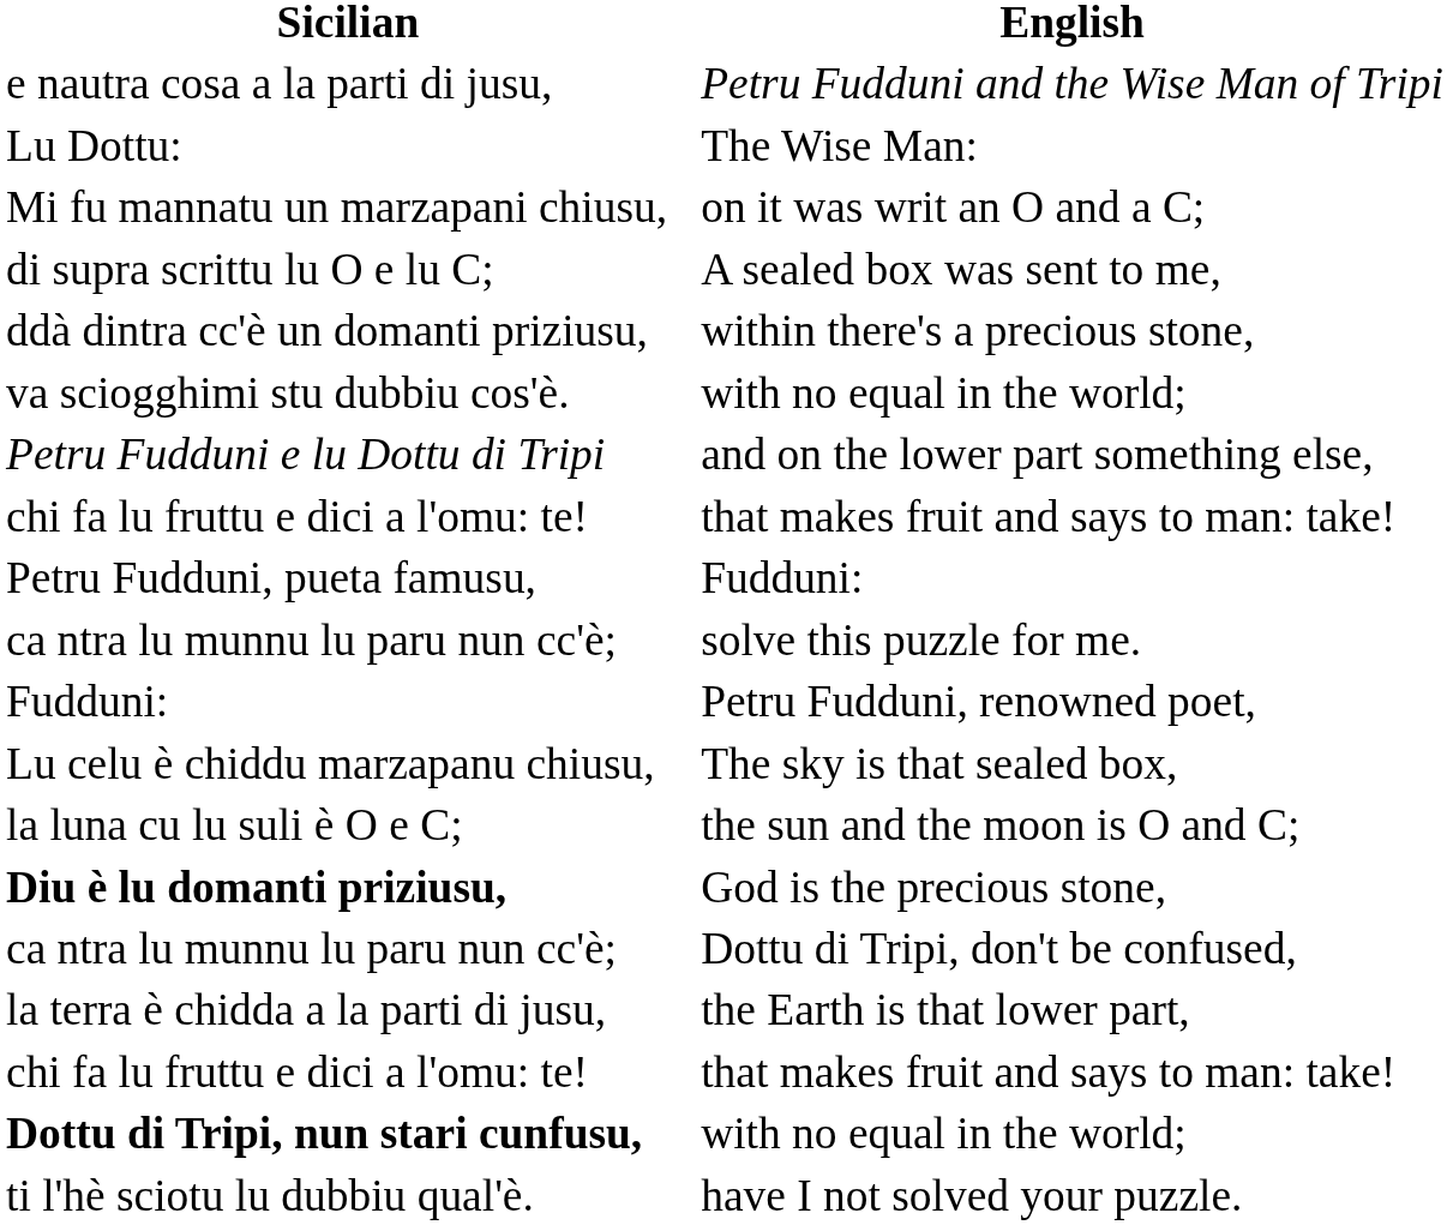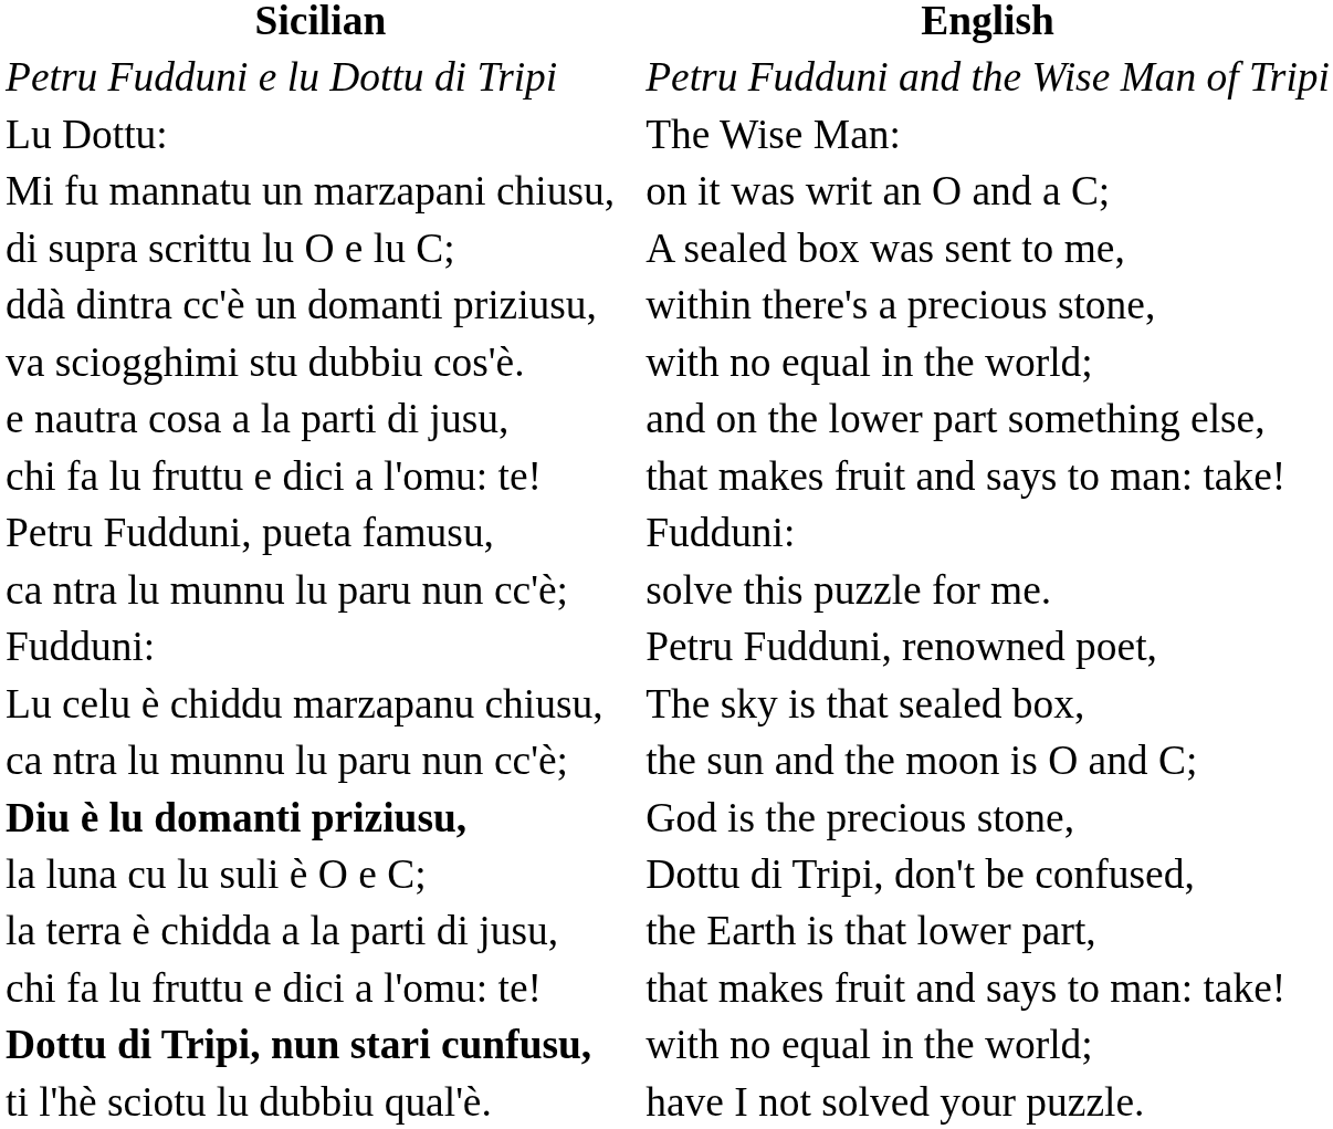 <table>
 <tr>
 <th>Sicilian</th>
 <th>English</th>
 </tr>
 <tr>
-<td>e nautra cosa a la parti di jusu,</td>
+<td><em>Petru Fudduni e lu Dottu di Tripi</em></td>
 <td><em>Petru Fudduni and the Wise Man of Tripi</em></td>
 </tr>
 <tr>
 <td>Lu Dottu:</td>
 <td>The Wise Man:</td>
 </tr>
 <tr>
 <td>Mi fu mannatu un marzapani chiusu,  </td>
 <td>on it was writ an O and a C;</td>
 </tr>
 <tr>
 <td>di supra scrittu lu O e lu C;  </td>
 <td>A sealed box was sent to me,</td>
 </tr>
 <tr>
 <td>ddà dintra cc'è un domanti priziusu,</td>
 <td>within there's a precious stone,</td>
 </tr>
 <tr>
 <td>va sciogghimi stu dubbiu cos'è.</td>
 <td>with no equal in the world;</td>
 </tr>
 <tr>
-<td><em>Petru Fudduni e lu Dottu di Tripi</em></td>
+<td>e nautra cosa a la parti di jusu,</td>
 <td>and on the lower part something else,</td>
 </tr>
 <tr>
 <td>chi fa lu fruttu e dici a l'omu: te!  </td>
 <td>that makes fruit and says to man: take!</td>
 </tr>
 <tr>
 <td>Petru Fudduni, pueta famusu,</td>
 <td>Fudduni:</td>
 </tr>
 <tr>
 <td>ca ntra lu munnu  lu paru nun cc'è;</td>
 <td>solve this puzzle for me.</td>
 </tr>
 <tr>
 <td>Fudduni:</td>
 <td>Petru Fudduni, renowned poet,</td>
 </tr>
 <tr>
 <td>Lu celu è chiddu marzapanu chiusu,  </td>
 <td>The sky is that sealed box,  </td>
 </tr>
 <tr>
-<td>la luna cu lu suli è O e C;</td>
+<td>ca ntra lu munnu  lu paru nun cc'è;</td>
 <td>the sun and the moon is O and C;</td>
 </tr>
 <tr>
 <td><strong>Diu è lu domanti priziusu,</strong></td>
 <td>God is the precious stone,</td>
 </tr>
 <tr>
-<td>ca ntra lu munnu  lu paru nun cc'è;</td>
+<td>la luna cu lu suli è O e C;</td>
 <td>Dottu di Tripi, don't be confused,</td>
 </tr>
 <tr>
 <td>la terra è chidda a la parti di jusu,  </td>
 <td>the Earth is that lower part,</td>
 </tr>
 <tr>
 <td>chi fa lu fruttu e dici a l'omu: te!</td>
 <td>that makes fruit and says to man: take!</td>
 </tr>
 <tr>
 <td><strong>Dottu di Tripi, nun stari cunfusu,</strong></td>
 <td>with no equal in the world;</td>
 </tr>
 <tr>
 <td>ti l'hè sciotu lu dubbiu qual'è.</td>
 <td>have I not solved your puzzle.</td>
 </tr>
 </table>
